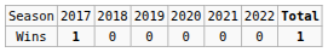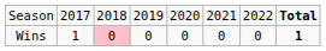 <table class="wikitable sortable">
 <tr>
 <td>Season</td>
 <td>2017</td>
 <td>2018</td>
 <td>2019</td>
 <td>2020</td>
 <td>2021</td>
 <td>2022</td>
 <td><strong>Total</strong></td>
 </tr>
 <tr align="center">
 <td>Wins</td>
-<td><strong>1</strong></td>
-<td>0</td>
+<td>1</td>
+<td style="background: pink;">0</td>
 <td>0</td>
 <td>0</td>
 <td>0</td>
 <td>0</td>
 <td><strong>1</strong></td>
 </tr>
 </table>
